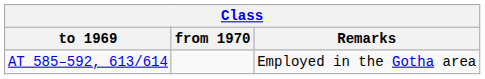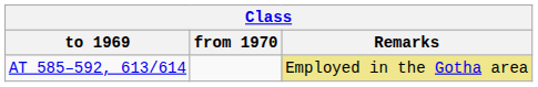 <table class="wikitable">
 <tr>
 <th colspan="8" style="text-align:center;"><a href='#'>Class</a></th>
 </tr>
 <tr>
 <th>to 1969</th>
 <th>from 1970</th>
 <th>Remarks</th>
 </tr>
 <tr>
 <td><a href='#'>AT 585–592, 613/614</a></td>
 <td></td>
-<td>Employed in the <a href='#'>Gotha</a> area</td>
+<td style="background: khaki;">Employed in the <a href='#'>Gotha</a> area</td>
 </tr>
 </table>
